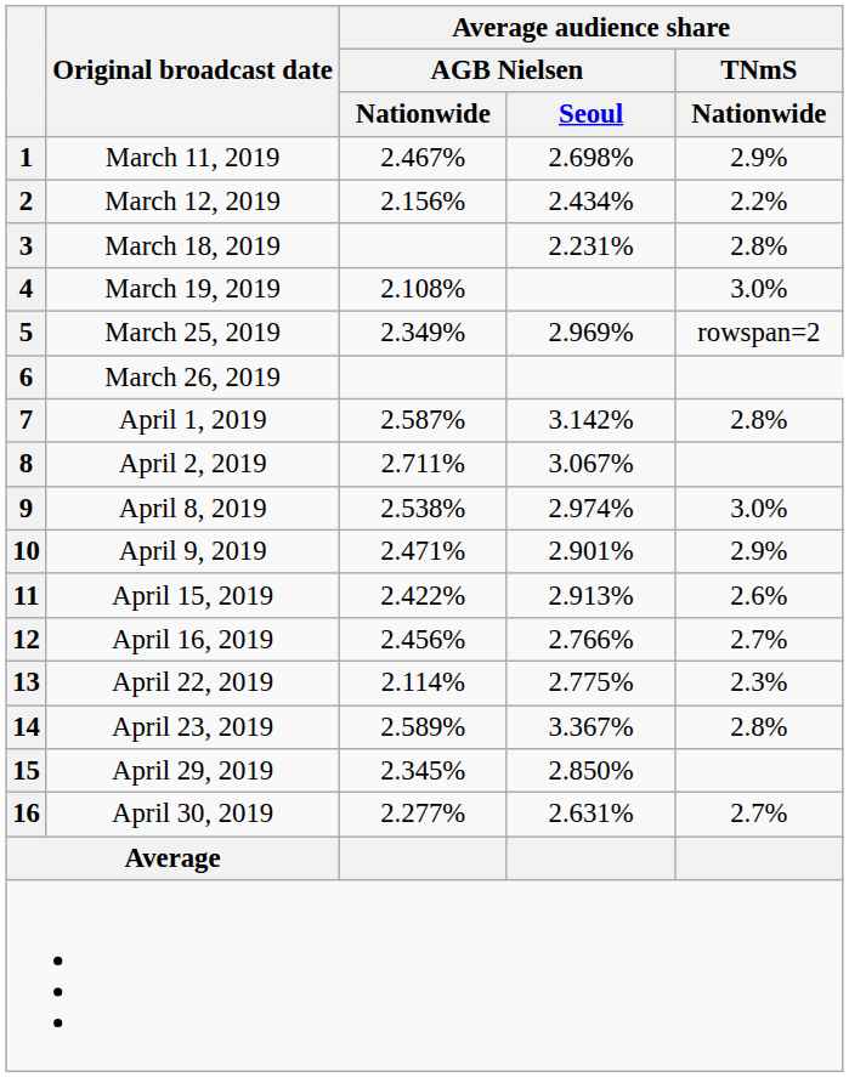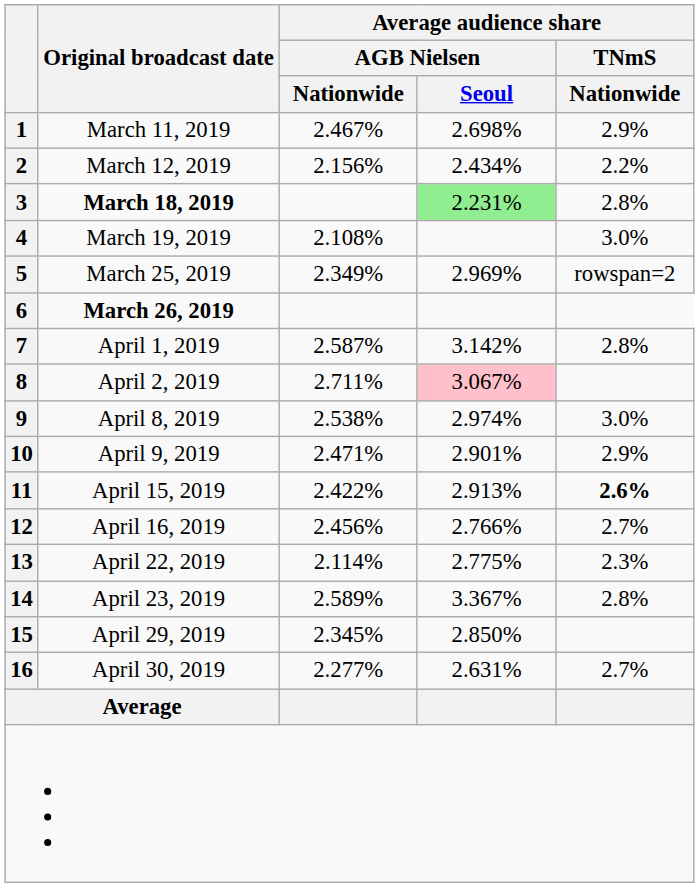 <table class="wikitable" style="text-align:center;max-width:550px; margin-left: auto; margin-right: auto; border: none;">
 <tr>
 </tr>
 <tr>
 <th rowspan="3"></th>
 <th rowspan="3">Original broadcast date</th>
 <th colspan="3">Average audience share</th>
 </tr>
 <tr>
 <th colspan="2">AGB Nielsen</th>
 <th>TNmS</th>
 </tr>
 <tr>
 <th width="90">Nationwide</th>
 <th width="90"><a href='#'>Seoul</a></th>
 <th width="90">Nationwide</th>
 </tr>
 <tr>
 <th>1</th>
 <td>March 11, 2019</td>
 <td>2.467%</td>
 <td>2.698%</td>
 <td>2.9%</td>
 </tr>
 <tr>
 <th>2</th>
 <td>March 12, 2019</td>
 <td>2.156%</td>
 <td>2.434%</td>
 <td>2.2%</td>
 </tr>
 <tr>
 <th>3</th>
-<td>March 18, 2019</td>
+<td><strong>March 18, 2019</strong></td>
 <td></td>
-<td>2.231%</td>
+<td style="background: lightgreen;">2.231%</td>
 <td>2.8%</td>
 </tr>
 <tr>
 <th>4</th>
 <td>March 19, 2019</td>
 <td>2.108%</td>
 <td></td>
 <td>3.0%</td>
 </tr>
 <tr>
 <th>5</th>
 <td>March 25, 2019</td>
 <td>2.349%</td>
 <td>2.969%</td>
 <td>rowspan=2 </td>
 </tr>
 <tr>
 <th>6</th>
-<td>March 26, 2019</td>
+<td><strong>March 26, 2019</strong></td>
 <td></td>
 <td></td>
 </tr>
 <tr>
 <th>7</th>
 <td>April 1, 2019</td>
 <td>2.587%</td>
 <td>3.142%</td>
 <td>2.8%</td>
 </tr>
 <tr>
 <th>8</th>
 <td>April 2, 2019</td>
 <td>2.711%</td>
-<td>3.067%</td>
+<td style="background: pink;">3.067%</td>
 <td></td>
 </tr>
 <tr>
 <th>9</th>
 <td>April 8, 2019</td>
 <td>2.538%</td>
 <td>2.974%</td>
 <td>3.0%</td>
 </tr>
 <tr>
 <th>10</th>
 <td>April 9, 2019</td>
 <td>2.471%</td>
 <td>2.901%</td>
 <td>2.9%</td>
 </tr>
 <tr>
 <th>11</th>
 <td>April 15, 2019</td>
 <td>2.422%</td>
 <td>2.913%</td>
-<td>2.6%</td>
+<td><strong>2.6%</strong></td>
 </tr>
 <tr>
 <th>12</th>
 <td>April 16, 2019</td>
 <td>2.456%</td>
 <td>2.766%</td>
 <td>2.7%</td>
 </tr>
 <tr>
 <th>13</th>
 <td>April 22, 2019</td>
 <td>2.114%</td>
 <td>2.775%</td>
 <td>2.3%</td>
 </tr>
 <tr>
 <th>14</th>
 <td>April 23, 2019</td>
 <td>2.589%</td>
 <td>3.367%</td>
 <td>2.8%</td>
 </tr>
 <tr>
 <th>15</th>
 <td>April 29, 2019</td>
 <td>2.345%</td>
 <td>2.850%</td>
 <td></td>
 </tr>
 <tr>
 <th>16</th>
 <td>April 30, 2019</td>
 <td>2.277%</td>
 <td>2.631%</td>
 <td>2.7%</td>
 </tr>
 <tr>
 <th colspan="2">Average</th>
 <th></th>
 <th></th>
 <th></th>
 </tr>
 <tr>
 <td colspan="6"><br><ul><li></li><li></li><li></li></ul></td>
 </tr>
 </table>
